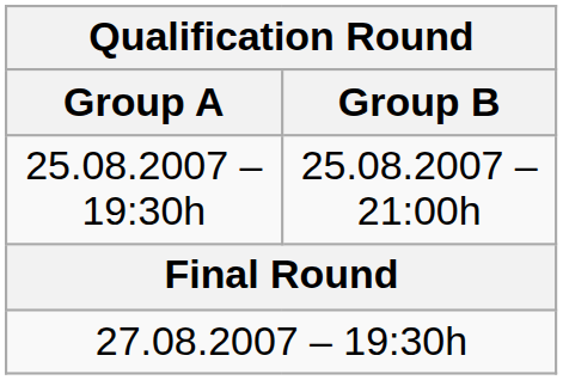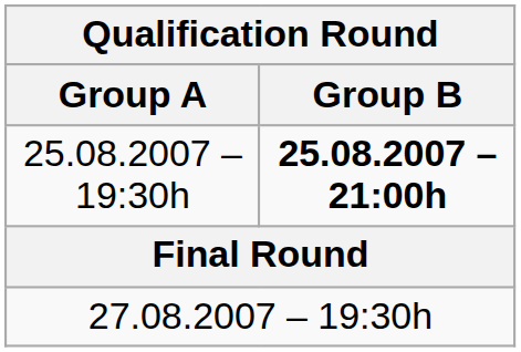 <table class="wikitable" style=" text-align:center; " width="35%">
 <tr>
 <th colspan="2">Qualification Round</th>
 </tr>
 <tr>
 <th>Group A</th>
 <th>Group B</th>
 </tr>
 <tr>
 <td>25.08.2007 – 19:30h</td>
-<td>25.08.2007 – 21:00h</td>
+<td><strong>25.08.2007 – 21:00h</strong></td>
 </tr>
 <tr>
 <th colspan="2">Final Round</th>
 </tr>
 <tr>
 <td colspan="2">27.08.2007 – 19:30h</td>
 </tr>
 </table>
